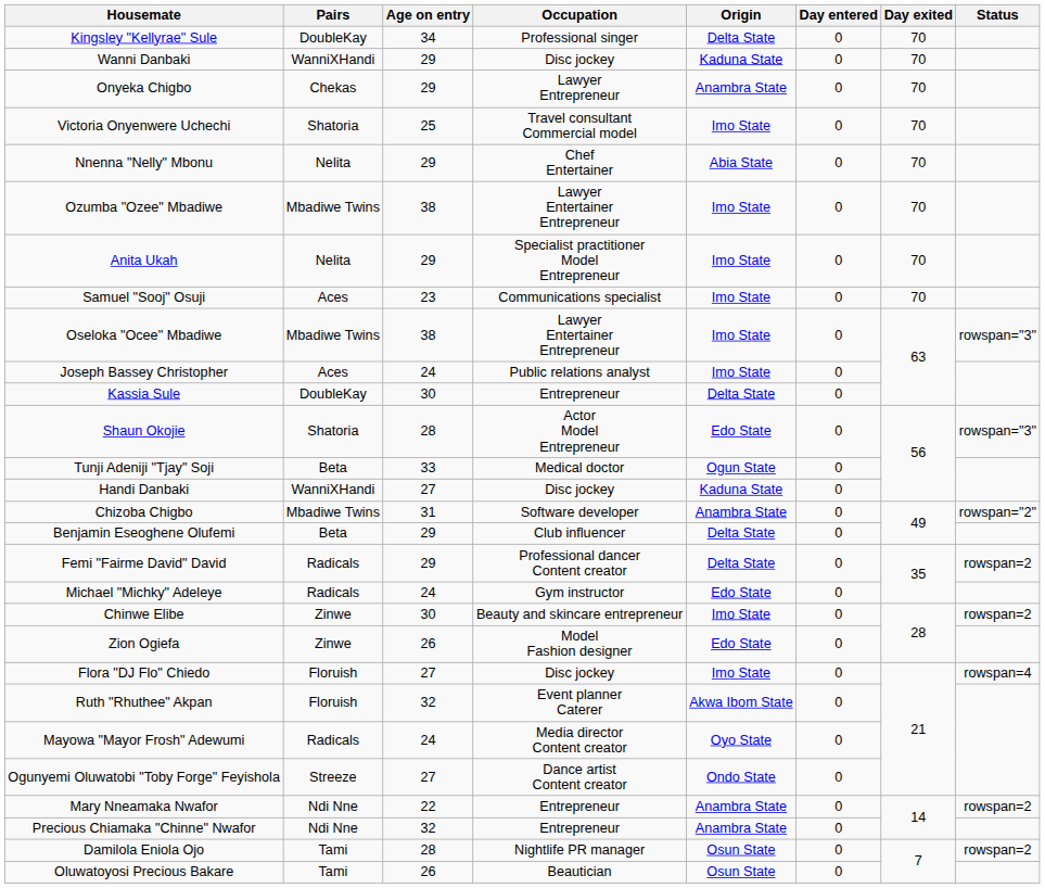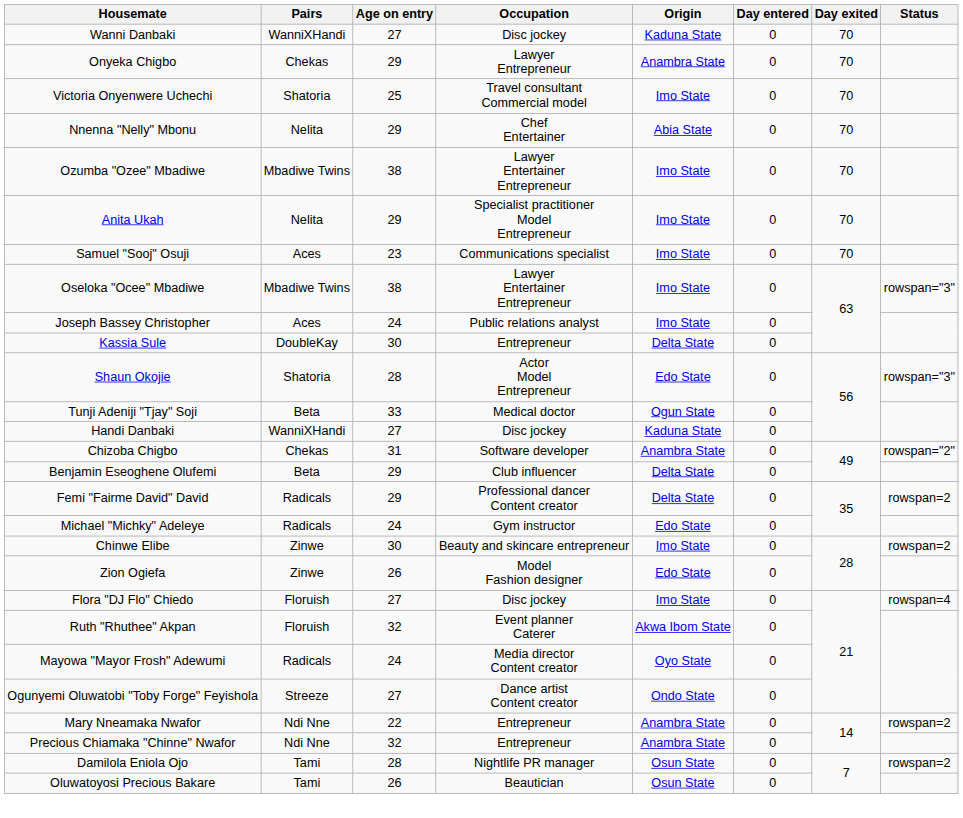 <table class="wikitable sortable" style="text-align:center;">
 <tr>
 <th>Housemate</th>
 <th><strong>Pairs</strong></th>
 <th>Age on entry</th>
 <th>Occupation</th>
 <th>Origin</th>
 <th>Day entered</th>
 <th>Day exited</th>
 <th>Status</th>
 </tr>
 <tr>
-<td><a href='#'>Kingsley "Kellyrae" Sule</a></td>
-<td>DoubleKay</td>
-<td>34</td>
-<td>Professional singer</td>
-<td><a href='#'>Delta State</a></td>
-<td>0</td>
-<td>70</td>
-<td></td>
-</tr>
-<tr>
 <td>Wanni Danbaki</td>
 <td>WanniXHandi</td>
-<td>29</td>
+<td>27</td>
 <td>Disc jockey</td>
 <td><a href='#'>Kaduna State</a></td>
 <td>0</td>
 <td>70</td>
 <td></td>
 </tr>
 <tr>
 <td>Onyeka Chigbo</td>
 <td>Chekas</td>
 <td>29</td>
 <td>Lawyer<br>Entrepreneur</td>
 <td><a href='#'>Anambra State</a></td>
 <td>0</td>
 <td>70</td>
 <td></td>
 </tr>
 <tr>
 <td>Victoria Onyenwere Uchechi</td>
 <td>Shatoria</td>
 <td>25</td>
 <td>Travel consultant<br>Commercial model</td>
 <td><a href='#'>Imo State</a></td>
 <td>0</td>
 <td>70</td>
 <td></td>
 </tr>
 <tr>
 <td>Nnenna "Nelly" Mbonu</td>
 <td>Nelita</td>
 <td>29</td>
 <td>Chef<br>Entertainer</td>
 <td><a href='#'>Abia State</a></td>
 <td>0</td>
 <td>70</td>
 <td></td>
 </tr>
 <tr>
 <td>Ozumba "Ozee" Mbadiwe</td>
 <td>Mbadiwe Twins</td>
 <td>38</td>
 <td>Lawyer<br>Entertainer<br>Entrepreneur</td>
 <td><a href='#'>Imo State</a></td>
 <td>0</td>
 <td>70</td>
 <td></td>
 </tr>
 <tr>
 <td><a href='#'>Anita Ukah</a></td>
 <td>Nelita</td>
 <td>29</td>
 <td>Specialist practitioner<br>Model<br>Entrepreneur</td>
 <td><a href='#'>Imo State</a></td>
 <td>0</td>
 <td>70</td>
 <td></td>
 </tr>
 <tr>
 <td>Samuel "Sooj" Osuji</td>
 <td>Aces</td>
 <td>23</td>
 <td>Communications specialist</td>
 <td><a href='#'>Imo State</a></td>
 <td>0</td>
 <td>70</td>
 <td></td>
 </tr>
 <tr>
 <td>Oseloka "Ocee" Mbadiwe</td>
 <td>Mbadiwe Twins</td>
 <td>38</td>
 <td>Lawyer<br>Entertainer<br>Entrepreneur</td>
 <td><a href='#'>Imo State</a></td>
 <td>0</td>
 <td rowspan="3">63</td>
 <td>rowspan="3" </td>
 </tr>
 <tr>
 <td>Joseph Bassey Christopher</td>
 <td>Aces</td>
 <td>24</td>
 <td>Public relations analyst</td>
 <td><a href='#'>Imo State</a></td>
 <td>0</td>
 </tr>
 <tr>
 <td><a href='#'>Kassia Sule</a></td>
 <td>DoubleKay</td>
 <td>30</td>
 <td>Entrepreneur</td>
 <td><a href='#'>Delta State</a></td>
 <td>0</td>
 </tr>
 <tr>
 <td><a href='#'>Shaun Okojie</a></td>
 <td>Shatoria</td>
 <td>28</td>
 <td>Actor<br>Model<br>Entrepreneur</td>
 <td><a href='#'>Edo State</a></td>
 <td>0</td>
 <td rowspan="3">56</td>
 <td>rowspan="3" </td>
 </tr>
 <tr>
 <td>Tunji Adeniji "Tjay" Soji</td>
 <td>Beta</td>
 <td>33</td>
 <td>Medical doctor</td>
 <td><a href='#'>Ogun State</a></td>
 <td>0</td>
 </tr>
 <tr>
 <td>Handi Danbaki</td>
 <td>WanniXHandi</td>
 <td>27</td>
 <td>Disc jockey</td>
 <td><a href='#'>Kaduna State</a></td>
 <td>0</td>
 </tr>
 <tr>
 <td>Chizoba Chigbo</td>
-<td>Mbadiwe Twins</td>
+<td>Chekas</td>
 <td>31</td>
 <td>Software developer</td>
 <td><a href='#'>Anambra State</a></td>
 <td>0</td>
 <td rowspan="2">49</td>
 <td>rowspan="2" </td>
 </tr>
 <tr>
 <td>Benjamin Eseoghene Olufemi</td>
 <td>Beta</td>
 <td>29</td>
 <td>Club influencer</td>
 <td><a href='#'>Delta State</a></td>
 <td>0</td>
 </tr>
 <tr>
 <td>Femi "Fairme David" David</td>
 <td>Radicals</td>
 <td>29</td>
 <td>Professional dancer<br>Content creator</td>
 <td><a href='#'>Delta State</a></td>
 <td>0</td>
 <td rowspan=2>35</td>
 <td>rowspan=2 </td>
 </tr>
 <tr>
 <td>Michael "Michky" Adeleye</td>
 <td>Radicals</td>
 <td>24</td>
 <td>Gym instructor</td>
 <td><a href='#'>Edo State</a></td>
 <td>0</td>
 </tr>
 <tr>
 <td>Chinwe Elibe</td>
 <td>Zinwe</td>
 <td>30</td>
 <td>Beauty and skincare entrepreneur</td>
 <td><a href='#'>Imo State</a></td>
 <td>0</td>
 <td rowspan=2>28</td>
 <td>rowspan=2 </td>
 </tr>
 <tr>
 <td>Zion Ogiefa</td>
 <td>Zinwe</td>
 <td>26</td>
 <td>Model<br>Fashion designer</td>
 <td><a href='#'>Edo State</a></td>
 <td>0</td>
 </tr>
 <tr>
 <td>Flora "DJ Flo" Chiedo</td>
 <td>Floruish</td>
 <td>27</td>
 <td>Disc jockey</td>
 <td><a href='#'>Imo State</a></td>
 <td>0</td>
 <td rowspan=4>21</td>
 <td>rowspan=4 </td>
 </tr>
 <tr>
 <td>Ruth "Rhuthee" Akpan</td>
 <td>Floruish</td>
 <td>32</td>
 <td>Event planner<br>Caterer</td>
 <td><a href='#'>Akwa Ibom State</a></td>
 <td>0</td>
 </tr>
 <tr>
 <td>Mayowa "Mayor Frosh" Adewumi</td>
 <td>Radicals</td>
 <td>24</td>
 <td>Media director<br>Content creator</td>
 <td><a href='#'>Oyo State</a></td>
 <td>0</td>
 </tr>
 <tr>
 <td>Ogunyemi Oluwatobi "Toby Forge" Feyishola</td>
 <td>Streeze</td>
 <td>27</td>
 <td>Dance artist<br>Content creator</td>
 <td><a href='#'>Ondo State</a></td>
 <td>0</td>
 </tr>
 <tr>
 <td>Mary Nneamaka Nwafor</td>
 <td>Ndi Nne</td>
 <td>22</td>
 <td>Entrepreneur</td>
 <td><a href='#'>Anambra State</a></td>
 <td>0</td>
 <td rowspan=2>14</td>
 <td>rowspan=2 </td>
 </tr>
 <tr>
 <td>Precious Chiamaka "Chinne" Nwafor</td>
 <td>Ndi Nne</td>
 <td>32</td>
 <td>Entrepreneur</td>
 <td><a href='#'>Anambra State</a></td>
 <td>0</td>
 </tr>
 <tr>
 <td>Damilola Eniola Ojo</td>
 <td>Tami</td>
 <td>28</td>
 <td>Nightlife PR manager</td>
 <td><a href='#'>Osun State</a></td>
 <td>0</td>
 <td rowspan=2>7</td>
 <td>rowspan=2 </td>
 </tr>
 <tr>
 <td>Oluwatoyosi Precious Bakare</td>
 <td>Tami</td>
 <td>26</td>
 <td>Beautician</td>
 <td><a href='#'>Osun State</a></td>
 <td>0</td>
 </tr>
 </table>
